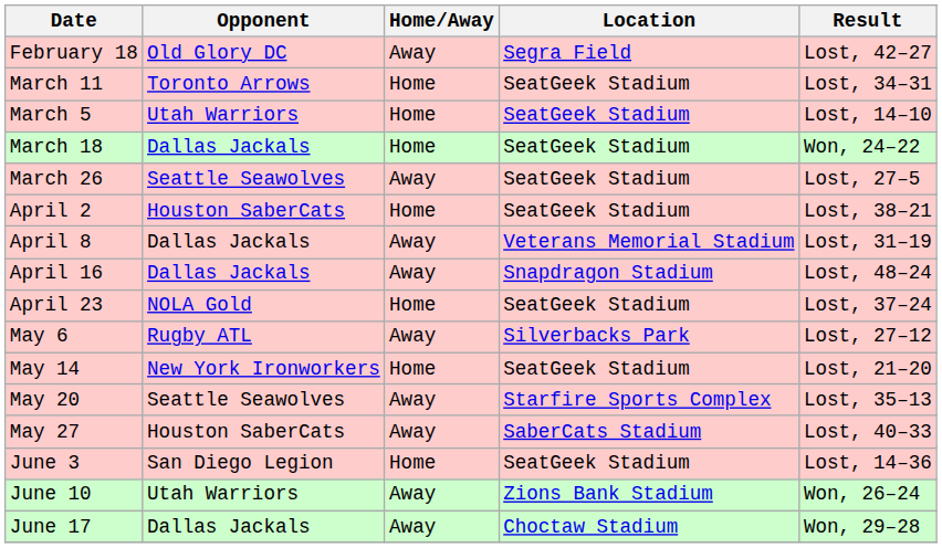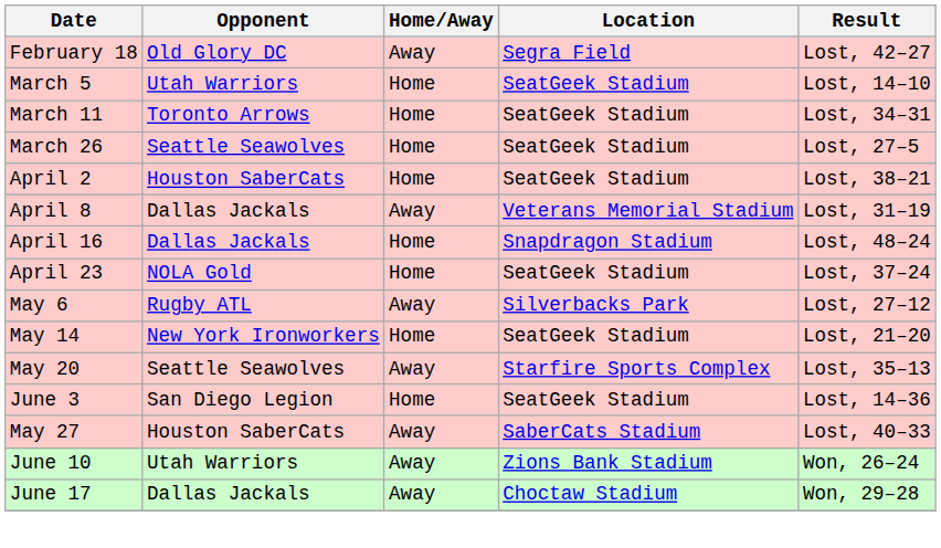 <table class="wikitable">
 <tr>
 <th>Date</th>
 <th>Opponent</th>
 <th>Home/Away</th>
 <th>Location</th>
 <th>Result</th>
 </tr>
 <tr bgcolor="#FFCCCC">
 <td>February 18</td>
 <td><a href='#'>Old Glory DC</a></td>
 <td>Away</td>
 <td><a href='#'>Segra Field</a></td>
 <td>Lost, 42–27</td>
 </tr>
 <tr bgcolor="#FFCCCC">
+<td>March 5</td>
+<td><a href='#'>Utah Warriors</a></td>
+<td>Home</td>
+<td><a href='#'>SeatGeek Stadium</a></td>
+<td>Lost, 14–10</td>
+</tr>
+<tr bgcolor="#FFCCCC">
 <td>March 11</td>
 <td><a href='#'>Toronto Arrows</a></td>
 <td>Home</td>
 <td>SeatGeek Stadium</td>
 <td>Lost, 34–31</td>
 </tr>
 <tr bgcolor="#FFCCCC">
-<td>March 5</td>
-<td><a href='#'>Utah Warriors</a></td>
-<td>Home</td>
-<td><a href='#'>SeatGeek Stadium</a></td>
-<td>Lost, 14–10</td>
-</tr>
-<tr bgcolor="CCFFCC">
-<td>March 18</td>
-<td><a href='#'>Dallas Jackals</a></td>
-<td>Home</td>
-<td>SeatGeek Stadium</td>
-<td>Won, 24–22</td>
-</tr>
-<tr bgcolor="#FFCCCC">
 <td>March 26</td>
 <td><a href='#'>Seattle Seawolves</a></td>
-<td>Away</td>
+<td>Home</td>
 <td>SeatGeek Stadium</td>
 <td>Lost, 27–5</td>
 </tr>
 <tr bgcolor="#FFCCCC">
 <td>April 2</td>
 <td><a href='#'>Houston SaberCats</a></td>
 <td>Home</td>
 <td>SeatGeek Stadium</td>
 <td>Lost, 38–21</td>
 </tr>
 <tr bgcolor="#FFCCCC">
 <td>April 8</td>
 <td>Dallas Jackals</td>
 <td>Away</td>
 <td><a href='#'>Veterans Memorial Stadium</a></td>
 <td>Lost, 31–19</td>
 </tr>
 <tr bgcolor="#FFCCCC">
 <td>April 16</td>
 <td><a href='#'>Dallas Jackals</a></td>
-<td>Away</td>
+<td>Home</td>
 <td><a href='#'>Snapdragon Stadium</a></td>
 <td>Lost, 48–24</td>
 </tr>
 <tr bgcolor="#FFCCCC">
 <td>April 23</td>
 <td><a href='#'>NOLA Gold</a></td>
 <td>Home</td>
 <td>SeatGeek Stadium</td>
 <td>Lost, 37–24</td>
 </tr>
 <tr bgcolor="#FFCCCC">
 <td>May 6</td>
 <td><a href='#'>Rugby ATL</a></td>
 <td>Away</td>
 <td><a href='#'>Silverbacks Park</a></td>
 <td>Lost, 27–12</td>
 </tr>
 <tr bgcolor="#FFCCCC">
 <td>May 14</td>
 <td><a href='#'>New York Ironworkers</a></td>
 <td>Home</td>
 <td>SeatGeek Stadium</td>
 <td>Lost, 21–20</td>
 </tr>
 <tr bgcolor="#FFCCCC">
 <td>May 20</td>
 <td>Seattle Seawolves</td>
 <td>Away</td>
 <td><a href='#'>Starfire Sports Complex</a></td>
 <td>Lost, 35–13</td>
 </tr>
 <tr bgcolor="#FFCCCC">
+<td>June 3</td>
+<td>San Diego Legion</td>
+<td>Home</td>
+<td>SeatGeek Stadium</td>
+<td>Lost, 14–36</td>
+</tr>
+<tr bgcolor="#FFCCCC">
 <td>May 27</td>
 <td>Houston SaberCats</td>
 <td>Away</td>
 <td><a href='#'>SaberCats Stadium</a></td>
 <td>Lost, 40–33</td>
-</tr>
-<tr bgcolor="#FFCCCC">
-<td>June 3</td>
-<td>San Diego Legion</td>
-<td>Home</td>
-<td>SeatGeek Stadium</td>
-<td>Lost, 14–36</td>
 </tr>
 <tr bgcolor="#CCFFCC">
 <td>June 10</td>
 <td>Utah Warriors</td>
 <td>Away</td>
 <td><a href='#'>Zions Bank Stadium</a></td>
 <td>Won, 26–24</td>
 </tr>
 <tr bgcolor="#CCFFCC">
 <td>June 17</td>
 <td>Dallas Jackals</td>
 <td>Away</td>
 <td><a href='#'>Choctaw Stadium</a></td>
 <td>Won, 29–28</td>
 </tr>
 <tr>
 </tr>
 </table>
